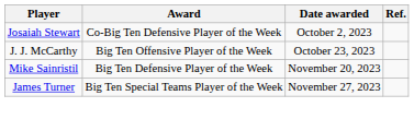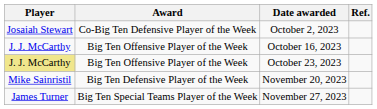 <table class="wikitable sortable sortable" style="text-align: center">
 <tr align=center>
 <th>Player</th>
 <th>Award</th>
 <th>Date awarded</th>
 <th>Ref.</th>
 </tr>
 <tr>
 <td><a href='#'>Josaiah Stewart</a></td>
 <td>Co-Big Ten Defensive Player of the Week</td>
 <td>October 2, 2023</td>
 <td></td>
 </tr>
 <tr>
-<td>J. J. McCarthy</td>
+<td><a href='#'>J. J. McCarthy</a></td>
+<td>Big Ten Offensive Player of the Week</td>
+<td>October 16, 2023</td>
+<td></td>
+</tr>
+<tr>
+<td style="background: khaki;">J. J. McCarthy</td>
 <td>Big Ten Offensive Player of the Week</td>
 <td>October 23, 2023</td>
 <td></td>
 </tr>
 <tr>
 <td><a href='#'>Mike Sainristil</a></td>
 <td>Big Ten Defensive Player of the Week</td>
 <td>November 20, 2023</td>
 <td></td>
 </tr>
 <tr>
 <td><a href='#'>James Turner</a></td>
 <td>Big Ten Special Teams Player of the Week</td>
 <td>November 27, 2023</td>
 <td></td>
 </tr>
 </table>
